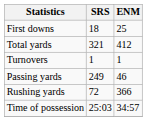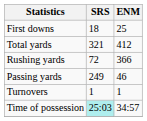 <table class="wikitable" style="float: left;">
 <tr>
 <th>Statistics</th>
 <th>SRS</th>
 <th>ENM</th>
 </tr>
 <tr>
 <td>First downs</td>
 <td>18</td>
 <td>25</td>
 </tr>
 <tr>
 <td>Total yards</td>
 <td>321</td>
 <td>412</td>
 </tr>
 <tr>
-<td>Turnovers</td>
-<td>1</td>
-<td>1</td>
+<td>Rushing yards</td>
+<td>72</td>
+<td>366</td>
 </tr>
 <tr>
 <td>Passing yards</td>
 <td>249</td>
 <td>46</td>
 </tr>
 <tr>
-<td>Rushing yards</td>
-<td>72</td>
-<td>366</td>
+<td>Turnovers</td>
+<td>1</td>
+<td>1</td>
 </tr>
 <tr>
 <td>Time of possession</td>
-<td>25:03</td>
+<td style="background: paleturquoise;">25:03</td>
 <td>34:57</td>
 </tr>
 <tr>
 </tr>
 </table>
